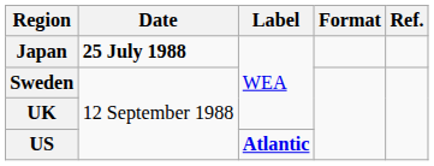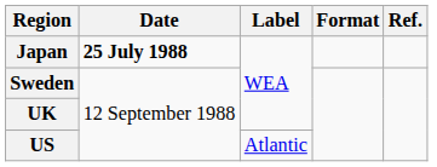 <table class="wikitable plainrowheaders">
 <tr>
 <th scope="col">Region</th>
 <th scope="col">Date</th>
 <th scope="col">Label</th>
 <th scope="col">Format</th>
 <th scope="col">Ref.</th>
 </tr>
 <tr>
 <th scope="row">Japan</th>
 <td scope="row"><strong>25 July 1988</strong></td>
 <td scope="row" rowspan="3"><a href='#'>WEA</a></td>
 <td scope="row"></td>
 <td scope="row"></td>
 </tr>
 <tr>
 <th scope="row">Sweden</th>
 <td scope="row" rowspan="3">12 September 1988</td>
 <td scope="row" rowspan="3"></td>
 <td scope="row" rowspan="3"></td>
 </tr>
 <tr>
 <th scope="row">UK</th>
 </tr>
 <tr>
 <th scope="row">US</th>
-<td scope="row"><strong><a href='#'>Atlantic</a></strong></td>
+<td scope="row"><a href='#'>Atlantic</a></td>
 </tr>
 </table>
